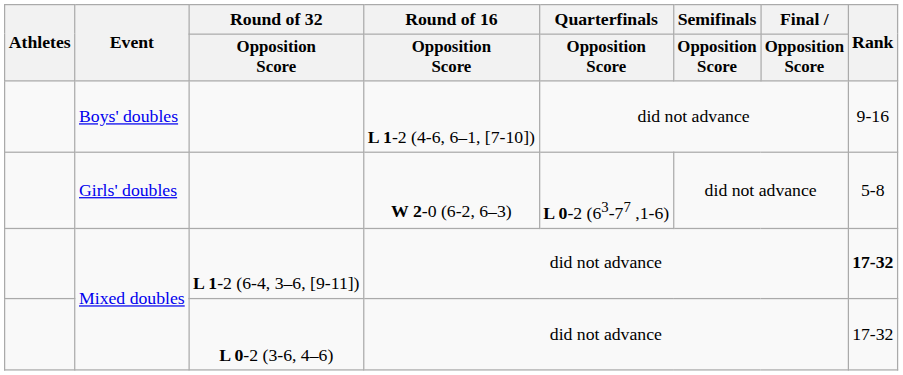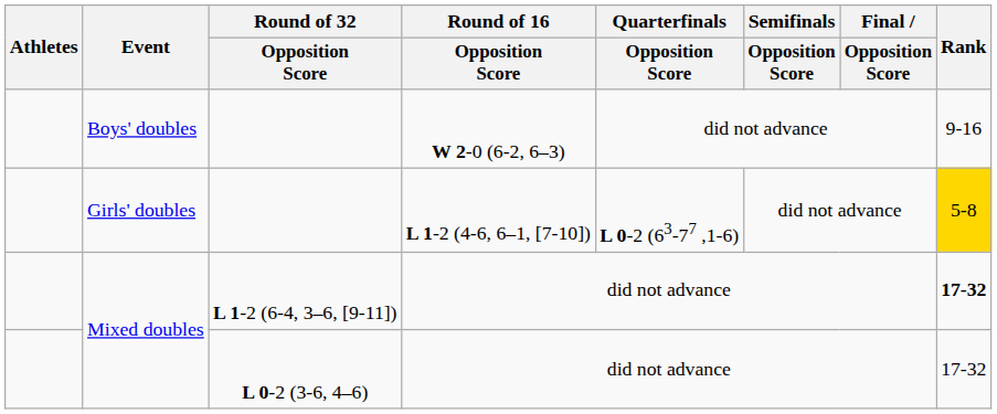 <table class=wikitable style="font-size:90%">
 <tr>
 <th rowspan="2">Athletes</th>
 <th rowspan="2">Event</th>
 <th>Round of 32</th>
 <th>Round of 16</th>
 <th>Quarterfinals</th>
 <th>Semifinals</th>
 <th>Final / </th>
 <th rowspan=2>Rank</th>
 </tr>
 <tr style="font-size:95%">
 <th>Opposition<br>Score</th>
 <th>Opposition<br>Score</th>
 <th>Opposition<br>Score</th>
 <th>Opposition<br>Score</th>
 <th>Opposition<br>Score</th>
 </tr>
 <tr align=center>
 <td align=left><br></td>
 <td align=left><a href='#'>Boys' doubles</a></td>
 <td></td>
-<td><br><br><strong>L 1</strong>-2 (4-6, 6–1, [7-10])</td>
+<td><br><br><strong>W 2</strong>-0 (6-2, 6–3)</td>
 <td colspan=3>did not advance</td>
 <td>9-16</td>
 </tr>
 <tr align=center>
 <td align=left><br></td>
 <td align=left><a href='#'>Girls' doubles</a></td>
 <td></td>
-<td><br><br><strong>W 2</strong>-0 (6-2, 6–3)</td>
+<td><br><br><strong>L 1</strong>-2 (4-6, 6–1, [7-10])</td>
 <td><br><br><strong>L 0</strong>-2 (6<sup>3</sup>-7<sup>7</sup> ,1-6)</td>
 <td colspan=2>did not advance</td>
-<td>5-8</td>
+<td style="background: gold;">5-8</td>
 </tr>
 <tr align=center>
 <td align=left><br></td>
 <td align=left rowspan=2><a href='#'>Mixed doubles</a></td>
 <td><br><br><strong>L 1</strong>-2 (6-4, 3–6, [9-11])</td>
 <td colspan=4>did not advance</td>
 <td><strong>17-32</strong></td>
 </tr>
 <tr align=center>
 <td align=left><br></td>
 <td><br><br><strong>L 0</strong>-2 (3-6, 4–6)</td>
 <td colspan=4>did not advance</td>
 <td>17-32</td>
 </tr>
 </table>
